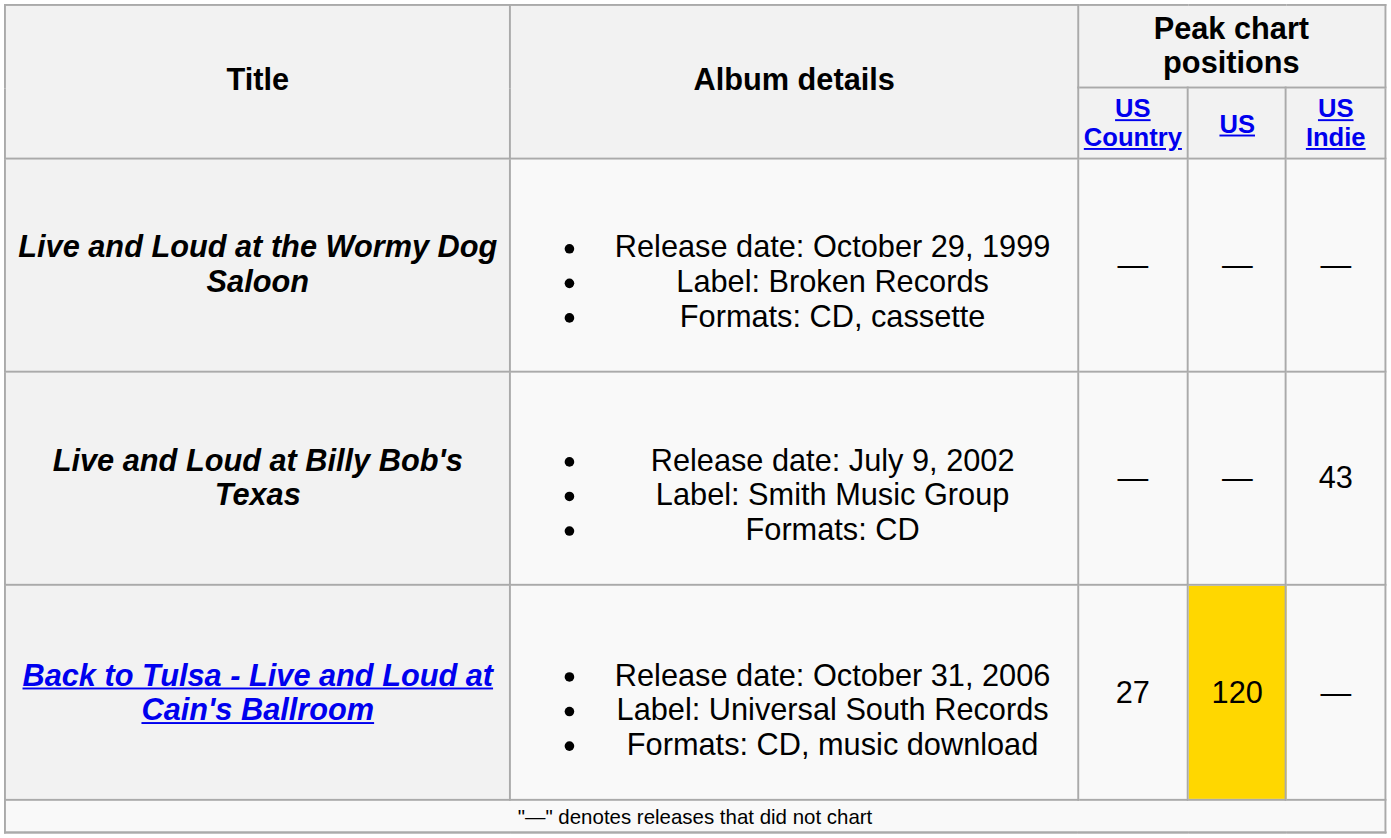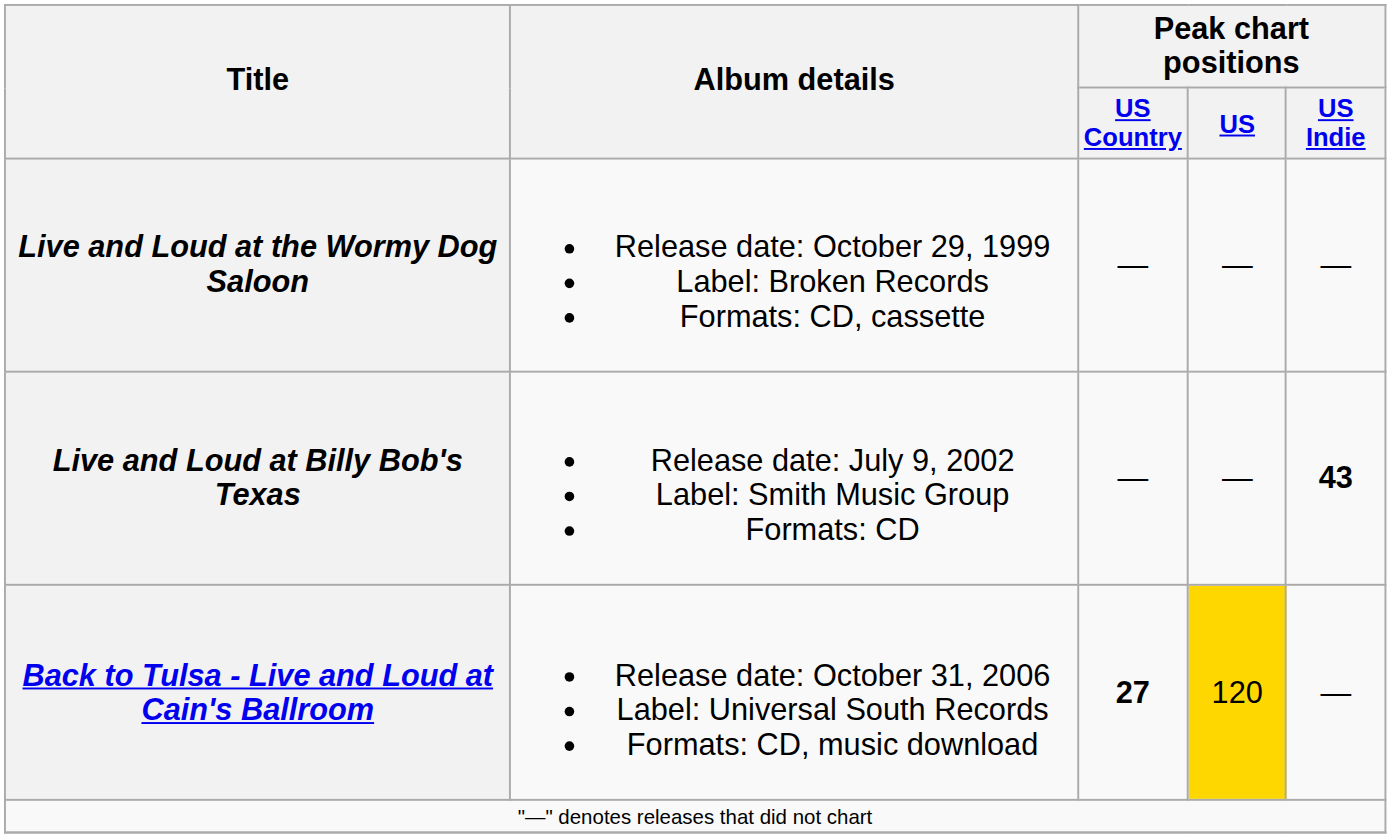 <table class="wikitable plainrowheaders" style="text-align:center;">
 <tr>
 <th rowspan="2" style="width:16em;">Title</th>
 <th rowspan="2" style="width:18em;">Album details</th>
 <th colspan="3">Peak chart positions</th>
 </tr>
 <tr style="font-size:smaller;">
 <th width="45"><a href='#'>US Country</a><br></th>
 <th width="45"><a href='#'>US</a><br></th>
 <th width="45"><a href='#'>US<br>Indie</a><br></th>
 </tr>
 <tr>
 <th scope="row"><em>Live and Loud at the Wormy Dog Saloon</em></th>
 <td><br><ul><li>Release date: October 29, 1999</li><li>Label: Broken Records</li><li>Formats: CD, cassette</li></ul></td>
 <td>—</td>
 <td>—</td>
 <td>—</td>
 </tr>
 <tr>
 <th scope="row"><em>Live and Loud at Billy Bob's Texas</em></th>
 <td><br><ul><li>Release date: July 9, 2002</li><li>Label: Smith Music Group</li><li>Formats: CD</li></ul></td>
 <td>—</td>
 <td>—</td>
-<td>43</td>
+<td><strong>43</strong></td>
 </tr>
 <tr>
 <th scope="row"><em><a href='#'>Back to Tulsa - Live and Loud at Cain's Ballroom</a></em></th>
 <td><br><ul><li>Release date: October 31, 2006</li><li>Label: Universal South Records</li><li>Formats: CD, music download</li></ul></td>
-<td>27</td>
+<td><strong>27</strong></td>
 <td style="background: gold;">120</td>
 <td>—</td>
 </tr>
 <tr>
 <td colspan="10" style="font-size:8pt">"—" denotes releases that did not chart</td>
 </tr>
 <tr>
 </tr>
 </table>
